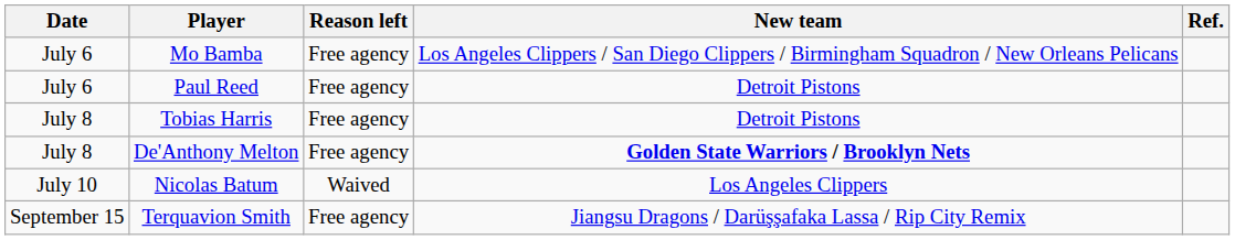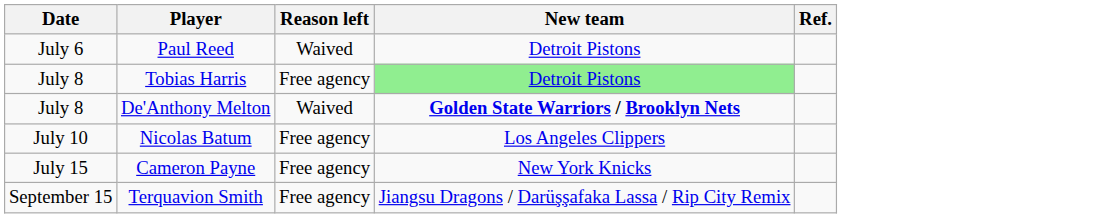 <table class="wikitable sortable sortable" style="text-align: center">
 <tr>
 <th>Date</th>
 <th>Player</th>
 <th>Reason left</th>
 <th>New team</th>
 <th>Ref.</th>
 </tr>
 <tr>
 <td>July 6</td>
-<td><a href='#'>Mo Bamba</a></td>
-<td>Free agency</td>
-<td><a href='#'>Los Angeles Clippers</a> / <a href='#'>San Diego Clippers</a> / <a href='#'>Birmingham Squadron</a> / <a href='#'>New Orleans Pelicans</a></td>
-<td></td>
-</tr>
-<tr>
-<td>July 6</td>
 <td><a href='#'>Paul Reed</a></td>
-<td>Free agency</td>
+<td>Waived</td>
 <td><a href='#'>Detroit Pistons</a></td>
 <td></td>
 </tr>
 <tr>
 <td>July 8</td>
 <td><a href='#'>Tobias Harris</a></td>
 <td>Free agency</td>
-<td><a href='#'>Detroit Pistons</a></td>
+<td style="background: lightgreen;"><a href='#'>Detroit Pistons</a></td>
 <td></td>
 </tr>
 <tr>
 <td>July 8</td>
 <td><a href='#'>De'Anthony Melton</a></td>
-<td>Free agency</td>
+<td>Waived</td>
 <td><strong><a href='#'>Golden State Warriors</a> / <a href='#'>Brooklyn Nets</a></strong></td>
 <td></td>
 </tr>
 <tr>
 <td>July 10</td>
 <td><a href='#'>Nicolas Batum</a></td>
-<td>Waived</td>
+<td>Free agency</td>
 <td><a href='#'>Los Angeles Clippers</a></td>
+<td></td>
+</tr>
+<tr>
+<td>July 15</td>
+<td><a href='#'>Cameron Payne</a></td>
+<td>Free agency</td>
+<td><a href='#'>New York Knicks</a></td>
 <td></td>
 </tr>
 <tr>
 <td>September 15</td>
 <td><a href='#'>Terquavion Smith</a></td>
 <td>Free agency</td>
 <td> <a href='#'>Jiangsu Dragons</a> /  <a href='#'>Darüşşafaka Lassa</a> / <a href='#'>Rip City Remix</a></td>
 <td></td>
 </tr>
 </table>
